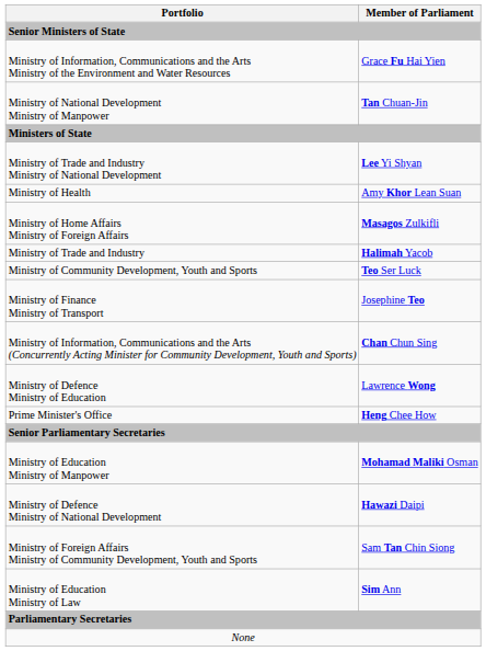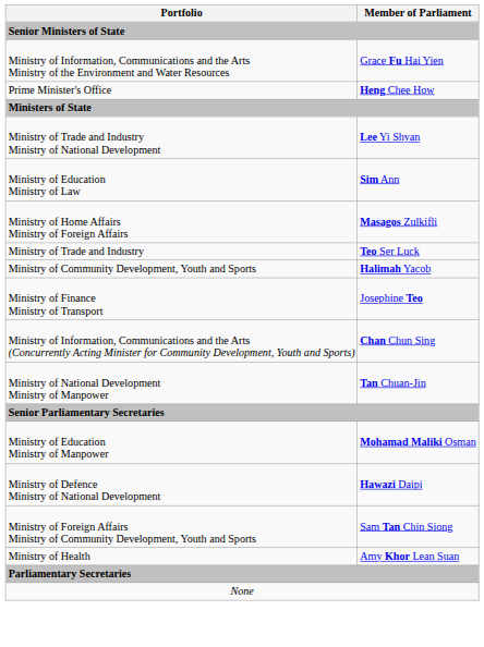 <table class="wikitable" style="margin: 1em auto 1em auto">
 <tr>
 <th>Portfolio</th>
 <th>Member of Parliament</th>
 </tr>
 <tr>
 <td colspan="2" style="background:silver;"><strong>Senior Ministers of State</strong></td>
 </tr>
 <tr>
 <td><br>Ministry of Information, Communications and the Arts<br> Ministry of the Environment and Water Resources</td>
 <td><a href='#'>Grace <strong>Fu</strong> Hai Yien</a></td>
 </tr>
 <tr>
-<td><br>Ministry of National Development<br> Ministry of Manpower</td>
-<td><a href='#'><strong>Tan</strong> Chuan-Jin</a></td>
+<td>Prime Minister's Office</td>
+<td><a href='#'><strong>Heng</strong> Chee How</a></td>
 </tr>
 <tr>
 <td colspan="2" style="background:silver;"><strong>Ministers of State</strong></td>
 </tr>
 <tr>
 <td><br>Ministry of Trade and Industry<br> Ministry of National Development</td>
 <td><a href='#'><strong>Lee</strong> Yi Shyan</a></td>
 </tr>
 <tr>
-<td>Ministry of Health</td>
-<td><a href='#'>Amy <strong>Khor</strong> Lean Suan</a></td>
+<td><br>Ministry of Education<br> Ministry of Law</td>
+<td><a href='#'><strong>Sim</strong> Ann</a></td>
 </tr>
 <tr>
 <td><br>Ministry of Home Affairs<br> Ministry of Foreign Affairs</td>
 <td><a href='#'><strong>Masagos</strong> Zulkifli</a></td>
 </tr>
 <tr>
 <td>Ministry of Trade and Industry</td>
-<td><a href='#'><strong>Halimah</strong> Yacob</a></td>
+<td><a href='#'><strong>Teo</strong> Ser Luck</a></td>
 </tr>
 <tr>
 <td>Ministry of Community Development, Youth and Sports</td>
-<td><a href='#'><strong>Teo</strong> Ser Luck</a></td>
+<td><a href='#'><strong>Halimah</strong> Yacob</a></td>
 </tr>
 <tr>
 <td><br>Ministry of Finance<br> Ministry of Transport</td>
 <td><a href='#'>Josephine <strong>Teo</strong></a></td>
 </tr>
 <tr>
 <td><br>Ministry of Information, Communications and the Arts<br> <em>(Concurrently Acting Minister for Community Development, Youth and Sports)</em></td>
 <td><a href='#'><strong>Chan</strong> Chun Sing</a></td>
 </tr>
 <tr>
-<td><br>Ministry of Defence<br> Ministry of Education</td>
-<td><a href='#'>Lawrence <strong>Wong</strong></a></td>
-</tr>
-<tr>
-<td>Prime Minister's Office</td>
-<td><a href='#'><strong>Heng</strong> Chee How</a></td>
+<td><br>Ministry of National Development<br> Ministry of Manpower</td>
+<td><a href='#'><strong>Tan</strong> Chuan-Jin</a></td>
 </tr>
 <tr>
 <td colspan="2" style="background:silver;"><strong>Senior Parliamentary Secretaries</strong></td>
 </tr>
 <tr>
 <td><br>Ministry of Education<br> Ministry of Manpower</td>
 <td><a href='#'><strong>Mohamad Maliki</strong> Osman</a></td>
 </tr>
 <tr>
 <td><br>Ministry of Defence<br> Ministry of National Development</td>
 <td><a href='#'><strong>Hawazi</strong> Daipi</a></td>
 </tr>
 <tr>
 <td><br>Ministry of Foreign Affairs<br> Ministry of Community Development, Youth and Sports</td>
 <td><a href='#'>Sam <strong>Tan</strong> Chin Siong</a></td>
 </tr>
 <tr>
-<td><br>Ministry of Education<br> Ministry of Law</td>
-<td><a href='#'><strong>Sim</strong> Ann</a></td>
+<td>Ministry of Health</td>
+<td><a href='#'>Amy <strong>Khor</strong> Lean Suan</a></td>
 </tr>
 <tr>
 <td colspan="2" style="background:silver;"><strong>Parliamentary Secretaries</strong></td>
 </tr>
 <tr>
 <td colspan="2" align=center><em>None</em></td>
 </tr>
 </table>
